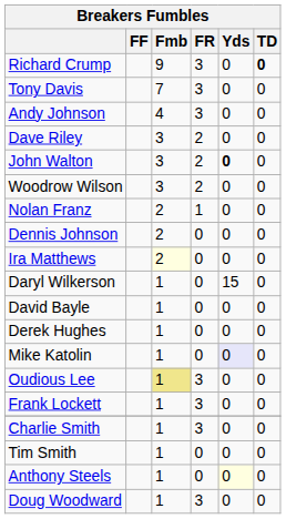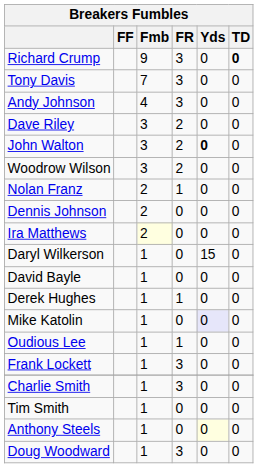 <table class="wikitable">
 <tr>
 <th colspan="6">Breakers Fumbles</th>
 </tr>
 <tr>
 <th></th>
 <th>FF</th>
 <th>Fmb</th>
 <th>FR</th>
 <th>Yds</th>
 <th>TD</th>
 </tr>
 <tr>
 <td><a href='#'>Richard Crump</a></td>
 <td></td>
 <td>9</td>
 <td>3</td>
 <td>0</td>
 <td><strong>0</strong></td>
 </tr>
 <tr>
 <td><a href='#'>Tony Davis</a></td>
 <td></td>
 <td>7</td>
 <td>3</td>
 <td>0</td>
 <td>0</td>
 </tr>
 <tr>
 <td><a href='#'>Andy Johnson</a></td>
 <td></td>
 <td>4</td>
 <td>3</td>
 <td>0</td>
 <td>0</td>
 </tr>
 <tr>
 <td><a href='#'>Dave Riley</a></td>
 <td></td>
 <td>3</td>
 <td>2</td>
 <td>0</td>
 <td>0</td>
 </tr>
 <tr>
 <td><a href='#'>John Walton</a></td>
 <td></td>
 <td>3</td>
 <td>2</td>
 <td><strong>0</strong></td>
 <td>0</td>
 </tr>
 <tr>
 <td>Woodrow Wilson</td>
 <td></td>
 <td>3</td>
 <td>2</td>
 <td>0</td>
 <td>0</td>
 </tr>
 <tr>
 <td><a href='#'>Nolan Franz</a></td>
 <td></td>
 <td>2</td>
 <td>1</td>
 <td>0</td>
 <td>0</td>
 </tr>
 <tr>
 <td><a href='#'>Dennis Johnson</a></td>
 <td></td>
 <td>2</td>
 <td>0</td>
 <td>0</td>
 <td>0</td>
 </tr>
 <tr>
 <td><a href='#'>Ira Matthews</a></td>
 <td></td>
 <td style="background: lightyellow;">2</td>
 <td>0</td>
 <td>0</td>
 <td>0</td>
 </tr>
 <tr>
 <td>Daryl Wilkerson</td>
 <td></td>
 <td>1</td>
 <td>0</td>
 <td>15</td>
 <td>0</td>
 </tr>
 <tr>
 <td>David Bayle</td>
 <td></td>
 <td>1</td>
 <td>0</td>
 <td>0</td>
 <td>0</td>
 </tr>
 <tr>
 <td>Derek Hughes</td>
 <td></td>
 <td>1</td>
-<td>0</td>
+<td>1</td>
 <td>0</td>
 <td>0</td>
 </tr>
 <tr>
 <td>Mike Katolin</td>
 <td></td>
 <td>1</td>
 <td>0</td>
 <td style="background: lavender;">0</td>
 <td>0</td>
 </tr>
 <tr>
 <td><a href='#'>Oudious Lee</a></td>
 <td></td>
-<td style="background: khaki;">1</td>
-<td>3</td>
+<td>1</td>
+<td>1</td>
 <td>0</td>
 <td>0</td>
 </tr>
 <tr>
 <td><a href='#'>Frank Lockett</a></td>
 <td></td>
 <td>1</td>
 <td>3</td>
 <td>0</td>
 <td>0</td>
 </tr>
 <tr>
 </tr>
 <tr>
 <td><a href='#'>Charlie Smith</a></td>
 <td></td>
 <td>1</td>
 <td>3</td>
 <td>0</td>
 <td>0</td>
 </tr>
 <tr>
 <td>Tim Smith</td>
 <td></td>
 <td>1</td>
 <td>0</td>
 <td>0</td>
 <td>0</td>
 </tr>
 <tr>
 <td><a href='#'>Anthony Steels</a></td>
 <td></td>
 <td>1</td>
 <td>0</td>
 <td style="background: lightyellow;">0</td>
 <td>0</td>
 </tr>
 <tr>
 <td><a href='#'>Doug Woodward</a></td>
 <td></td>
 <td>1</td>
 <td>3</td>
 <td>0</td>
 <td>0</td>
 </tr>
 </table>
